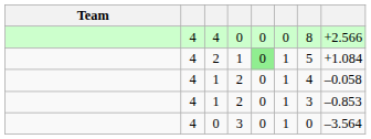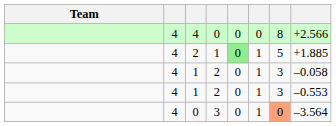 <table class="wikitable" style="text-align:center">
 <tr>
 <th width=200>Team</th>
 <th width=20></th>
 <th width=20></th>
 <th width=20></th>
 <th width=20></th>
 <th width=20></th>
 <th width=20></th>
 <th width=45></th>
 </tr>
 <tr style="background:#cfc;">
 <td align="left"></td>
 <td>4</td>
 <td>4</td>
 <td>0</td>
 <td>0</td>
 <td>0</td>
 <td>8</td>
 <td>+2.566</td>
 </tr>
 <tr>
 <td align="left"></td>
 <td>4</td>
 <td>2</td>
 <td>1</td>
 <td style="background: lightgreen;">0</td>
 <td>1</td>
 <td>5</td>
-<td>+1.084</td>
+<td>+1.885</td>
 </tr>
 <tr>
 <td align="left"></td>
 <td>4</td>
 <td>1</td>
 <td>2</td>
 <td>0</td>
 <td>1</td>
-<td>4</td>
+<td>3</td>
 <td>–0.058</td>
 </tr>
 <tr>
 <td align="left"></td>
 <td>4</td>
 <td>1</td>
 <td>2</td>
 <td>0</td>
 <td>1</td>
 <td>3</td>
-<td>–0.853</td>
+<td>–0.553</td>
 </tr>
 <tr>
 <td align="left"></td>
 <td>4</td>
 <td>0</td>
 <td>3</td>
 <td>0</td>
 <td>1</td>
-<td>0</td>
+<td style="background: lightsalmon;">0</td>
 <td>–3.564</td>
 </tr>
 </table>
